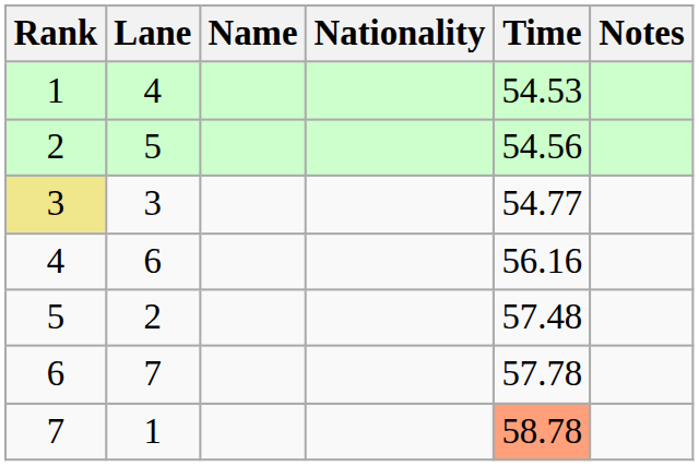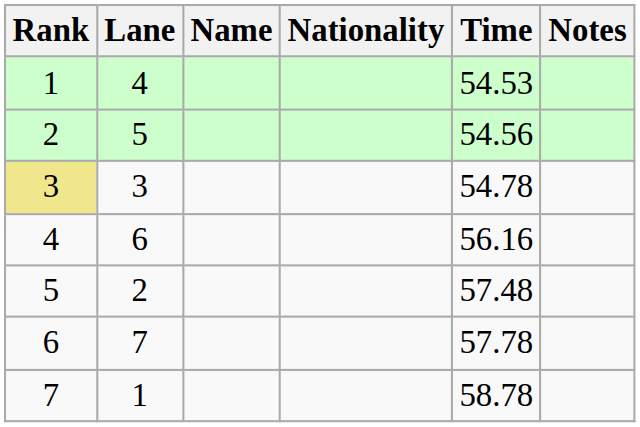 <table class="wikitable sortable" style="text-align:center">
 <tr>
 <th>Rank</th>
 <th>Lane</th>
 <th>Name</th>
 <th>Nationality</th>
 <th>Time</th>
 <th>Notes</th>
 </tr>
 <tr bgcolor=ccffcc>
 <td>1</td>
 <td>4</td>
 <td align=left></td>
 <td align=left></td>
 <td>54.53</td>
 <td><strong></strong></td>
 </tr>
 <tr bgcolor=ccffcc>
 <td>2</td>
 <td>5</td>
 <td align=left></td>
 <td align=left></td>
 <td>54.56</td>
 <td><strong></strong></td>
 </tr>
 <tr>
 <td style="background: khaki;">3</td>
 <td>3</td>
 <td align=left></td>
 <td align=left></td>
-<td>54.77</td>
+<td>54.78</td>
 <td></td>
 </tr>
 <tr>
 <td>4</td>
 <td>6</td>
 <td align=left></td>
 <td align=left></td>
 <td>56.16</td>
 <td></td>
 </tr>
 <tr>
 <td>5</td>
 <td>2</td>
 <td align=left></td>
 <td align=left></td>
 <td>57.48</td>
 <td></td>
 </tr>
 <tr>
 <td>6</td>
 <td>7</td>
 <td align=left></td>
 <td align=left></td>
 <td>57.78</td>
 <td></td>
 </tr>
 <tr>
 <td>7</td>
 <td>1</td>
 <td align=left></td>
 <td align=left></td>
-<td style="background: lightsalmon;">58.78</td>
+<td>58.78</td>
 <td></td>
 </tr>
 </table>
